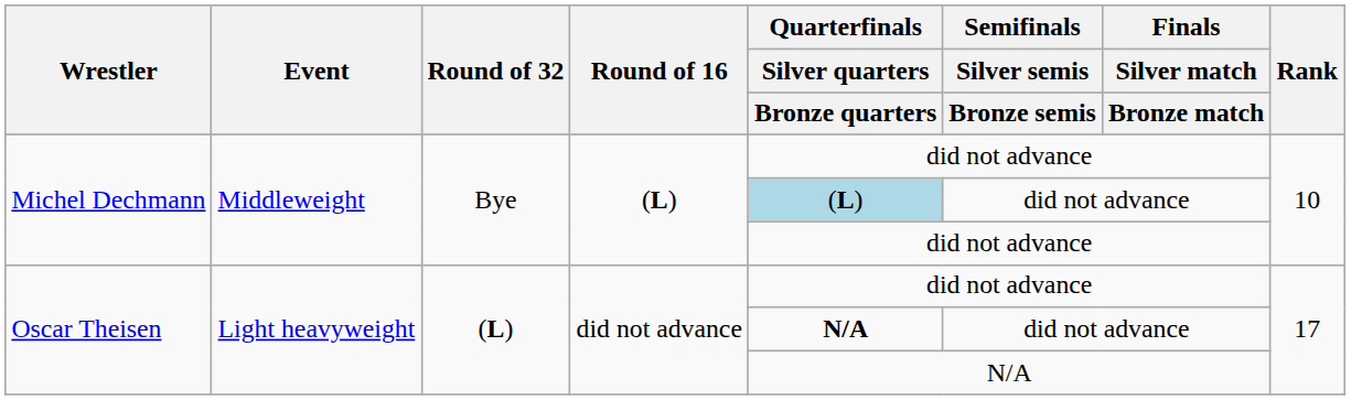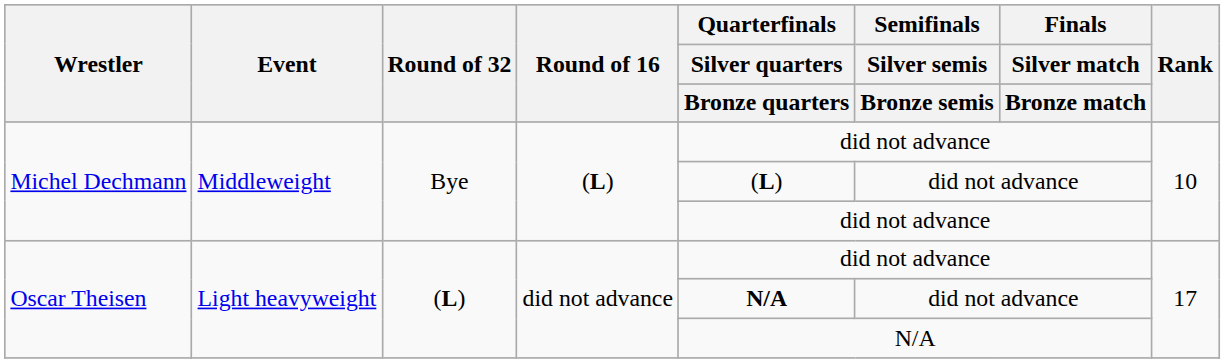 <table class=wikitable style="font-size:90%">
 <tr>
 <th rowspan=3>Wrestler</th>
 <th rowspan=3>Event</th>
 <th rowspan=3>Round of 32</th>
 <th rowspan=3>Round of 16</th>
 <th>Quarterfinals</th>
 <th>Semifinals</th>
 <th>Finals</th>
 <th rowspan=3>Rank</th>
 </tr>
 <tr>
 <th>Silver quarters</th>
 <th>Silver semis</th>
 <th>Silver match</th>
 </tr>
 <tr>
 <th>Bronze quarters</th>
 <th>Bronze semis</th>
 <th>Bronze match</th>
 </tr>
 <tr>
 <td rowspan=3><a href='#'>Michel Dechmann</a></td>
 <td rowspan=3><a href='#'>Middleweight</a></td>
 <td align=center rowspan=3>Bye</td>
 <td align=center rowspan=3> (<strong>L</strong>)</td>
 <td align=center colspan=3>did not advance</td>
 <td align=center rowspan=3>10</td>
 </tr>
 <tr>
-<td align=center style="background: lightblue;"> (<strong>L</strong>)</td>
+<td align=center> (<strong>L</strong>)</td>
 <td align=center colspan=2>did not advance</td>
 </tr>
 <tr>
 <td align=center colspan=3>did not advance</td>
 </tr>
 <tr>
 <td rowspan=3><a href='#'>Oscar Theisen</a></td>
 <td rowspan=3><a href='#'>Light heavyweight</a></td>
 <td align=center rowspan=3> (<strong>L</strong>)</td>
 <td align=center rowspan=3>did not advance</td>
 <td align=center colspan=3>did not advance</td>
 <td align=center rowspan=3>17</td>
 </tr>
 <tr>
 <td align=center><strong>N/A</strong></td>
 <td align=center colspan=2>did not advance</td>
 </tr>
 <tr>
 <td align=center colspan=3>N/A</td>
 </tr>
 </table>
